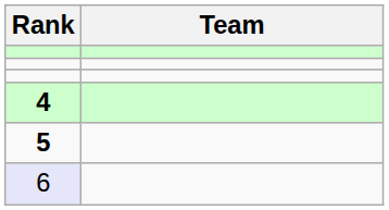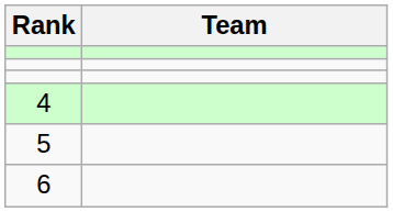 <table class="wikitable" style="text-align: center;">
 <tr>
 <th width=40>Rank</th>
 <th width=180>Team</th>
 </tr>
 <tr align=center bgcolor=ccffcc>
 <td></td>
 <td style="text-align:left;"></td>
 </tr>
 <tr align=center>
 <td></td>
 <td style="text-align:left;"></td>
 </tr>
 <tr align=center>
 <td></td>
 <td style="text-align:left;"></td>
 </tr>
 <tr align=center bgcolor=ccffcc>
-<td><strong>4</strong></td>
+<td>4</td>
 <td style="text-align:left;"></td>
 </tr>
 <tr align=center>
-<td><strong>5</strong></td>
+<td>5</td>
 <td style="text-align:left;"></td>
 </tr>
 <tr align=center>
-<td style="background: lavender;">6</td>
+<td>6</td>
 <td style="text-align:left;"></td>
 </tr>
 </table>
